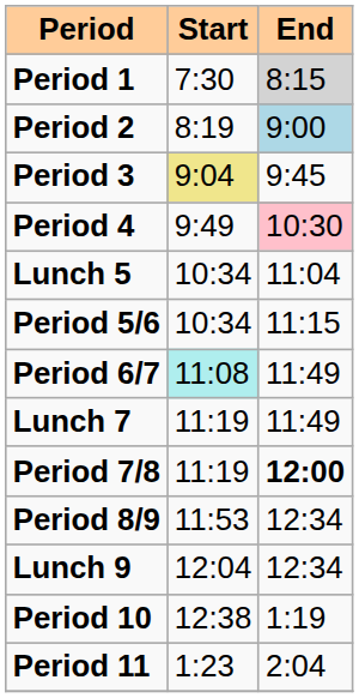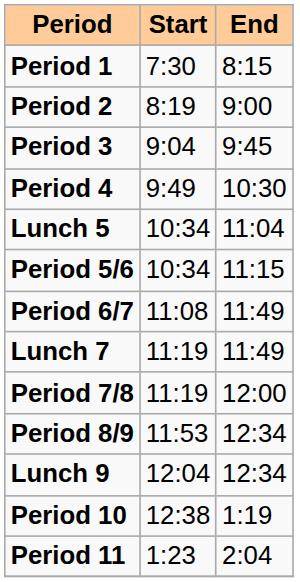 <table class="wikitable">
 <tr>
 <th style="background:#FFCC99;">Period</th>
 <th style="background:#FFCC99;">Start</th>
 <th style="background:#FFCC99;">End</th>
 </tr>
 <tr>
 <td><strong>Period 1</strong></td>
 <td>7:30</td>
-<td style="background: lightgrey;">8:15</td>
+<td>8:15</td>
 </tr>
 <tr>
 <td><strong>Period 2</strong></td>
 <td>8:19</td>
-<td style="background: lightblue;">9:00</td>
+<td>9:00</td>
 </tr>
 <tr>
 <td><strong>Period 3</strong></td>
-<td style="background: khaki;">9:04</td>
+<td>9:04</td>
 <td>9:45</td>
 </tr>
 <tr>
 <td><strong>Period 4</strong></td>
 <td>9:49</td>
-<td style="background: pink;">10:30</td>
+<td>10:30</td>
 </tr>
 <tr>
 <td><strong>Lunch 5</strong></td>
 <td>10:34</td>
 <td>11:04</td>
 </tr>
 <tr>
 <td><strong>Period 5/6</strong></td>
 <td>10:34</td>
 <td>11:15</td>
 </tr>
 <tr>
 <td><strong>Period 6/7</strong></td>
-<td style="background: paleturquoise;">11:08</td>
+<td>11:08</td>
 <td>11:49</td>
 </tr>
 <tr>
 <td><strong>Lunch 7</strong></td>
 <td>11:19</td>
 <td>11:49</td>
 </tr>
 <tr>
 <td><strong>Period 7/8</strong></td>
 <td>11:19</td>
-<td><strong>12:00</strong></td>
+<td>12:00</td>
 </tr>
 <tr>
 <td><strong>Period 8/9</strong></td>
 <td>11:53</td>
 <td>12:34</td>
 </tr>
 <tr>
 <td><strong>Lunch 9</strong></td>
 <td>12:04</td>
 <td>12:34</td>
 </tr>
 <tr>
 <td><strong>Period 10</strong></td>
 <td>12:38</td>
 <td>1:19</td>
 </tr>
 <tr>
 <td><strong>Period 11</strong></td>
 <td>1:23</td>
 <td>2:04</td>
 </tr>
 <tr>
 </tr>
 </table>
